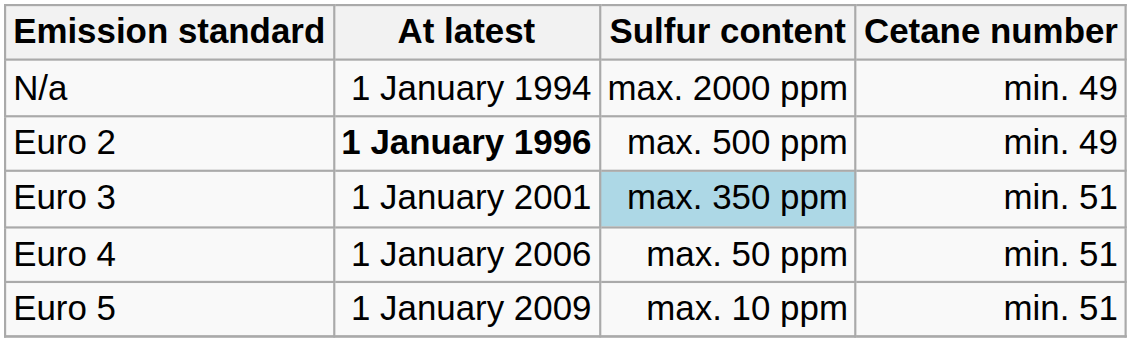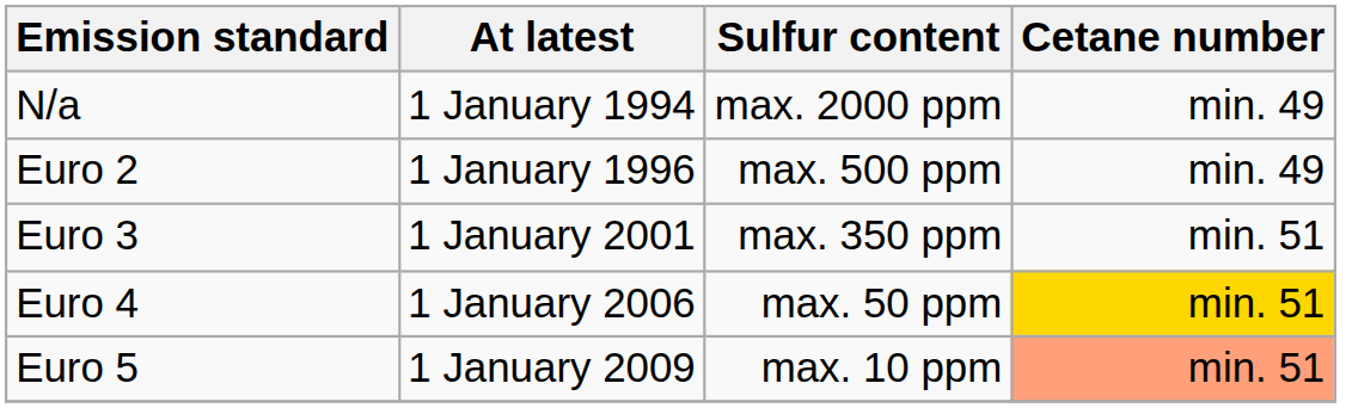 <table class="wikitable">
 <tr>
 <th>Emission standard</th>
 <th>At latest</th>
 <th>Sulfur content</th>
 <th>Cetane number</th>
 </tr>
 <tr>
 <td>N/a</td>
 <td align=right>1 January 1994</td>
 <td align=right>max. 2000 ppm</td>
 <td align=right>min. 49</td>
 </tr>
 <tr>
 <td>Euro 2</td>
-<td align=right><strong>1 January 1996</strong></td>
+<td align=right>1 January 1996</td>
 <td align=right>max. 500 ppm</td>
 <td align=right>min. 49</td>
 </tr>
 <tr>
 <td>Euro 3</td>
 <td align=right>1 January 2001</td>
-<td align=right style="background: lightblue;">max. 350 ppm</td>
+<td align=right>max. 350 ppm</td>
 <td align=right>min. 51</td>
 </tr>
 <tr>
 <td>Euro 4</td>
 <td align=right>1 January 2006</td>
 <td align=right>max. 50 ppm</td>
-<td align=right>min. 51</td>
+<td align=right style="background: gold;">min. 51</td>
 </tr>
 <tr>
 <td>Euro 5</td>
 <td align=right>1 January 2009</td>
 <td align=right>max. 10 ppm</td>
-<td align=right>min. 51</td>
+<td align=right style="background: lightsalmon;">min. 51</td>
 </tr>
 <tr>
 </tr>
 </table>
